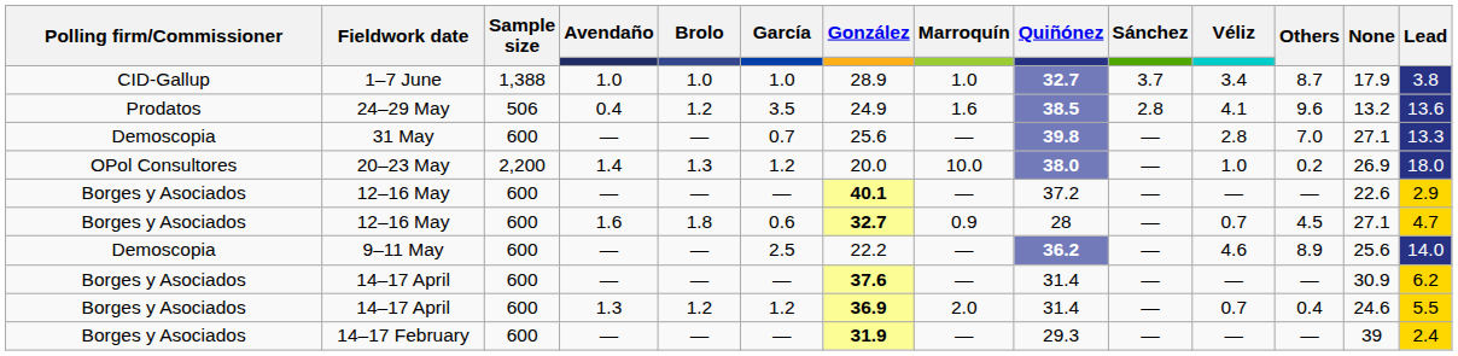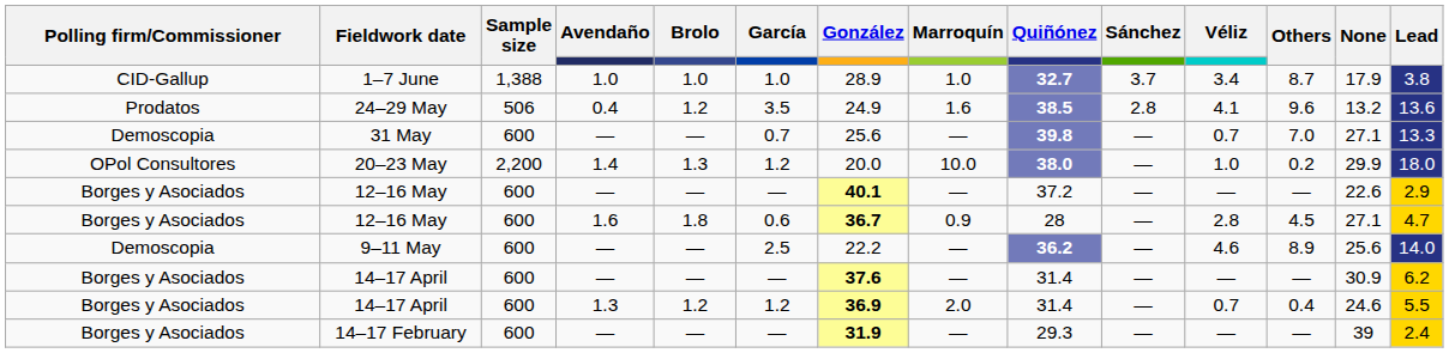 <table class="wikitable collapsible collapsed" style="text-align:center; font-size:95%; line-height:16px;">
 <tr style="height:42px;">
 <th style="width:250px;" rowspan="2">Polling firm/Commissioner</th>
 <th style="width:125px;" rowspan="2">Fieldwork date</th>
 <th style="width:50px;" rowspan="2">Sample size</th>
 <th class="unsortable" style="width:60px;">Avendaño<br></th>
 <th class="unsortable" style="width:60px;">Brolo<br></th>
 <th class="unsortable" style="width:60px;">García<br></th>
 <th class="unsortable" style="width:60px;"><a href='#'>González</a><br></th>
 <th class="unsortable" style="width:60px;">Marroquín<br></th>
 <th class="unsortable" style="width:60px;"><a href='#'>Quiñónez</a><br></th>
 <th class="unsortable" style="width:60px;">Sánchez<br></th>
 <th class="unsortable" style="width:60px;">Véliz<br></th>
 <th style="width:25px;" rowspan="2">Others</th>
 <th style="width:25px;" rowspan="2">None</th>
 <th style="width:30px;" rowspan="2">Lead</th>
 </tr>
 <tr>
 <th style="color:inherit;background:#212C64;"></th>
 <th style="color:inherit;background:#34478E;"></th>
 <th style="color:inherit;background:#013EA8;"></th>
 <th style="color:inherit;background:#FDAF17;"></th>
 <th style="color:inherit;background:#9ACD32;"></th>
 <th style="color:inherit;background:#273284;"></th>
 <th style="color:inherit;background:#50A700;"></th>
 <th style="color:inherit;background:#00CCC9;"></th>
 </tr>
 <tr>
 <td>CID-Gallup</td>
 <td>1–7 June</td>
 <td>1,388</td>
 <td>1.0</td>
 <td>1.0</td>
 <td>1.0</td>
 <td>28.9</td>
 <td>1.0</td>
 <td style="background:#727aba;color:white;"><strong>32.7</strong></td>
 <td>3.7</td>
 <td>3.4</td>
 <td>8.7</td>
 <td>17.9</td>
 <td style="background:#273284;color:white;">3.8</td>
 </tr>
 <tr>
 <td>Prodatos</td>
 <td>24–29 May</td>
 <td>506</td>
 <td>0.4</td>
 <td>1.2</td>
 <td>3.5</td>
 <td>24.9</td>
 <td>1.6</td>
 <td style="background:#727aba;color:white;"><strong>38.5</strong></td>
 <td>2.8</td>
 <td>4.1</td>
 <td>9.6</td>
 <td>13.2</td>
 <td style="background:#273284;color:white;">13.6</td>
 </tr>
 <tr>
 <td>Demoscopia</td>
 <td>31 May</td>
 <td>600</td>
 <td>—</td>
 <td>—</td>
 <td>0.7</td>
 <td>25.6</td>
 <td>—</td>
 <td style="background:#727aba;color:white;"><strong>39.8</strong></td>
 <td>—</td>
-<td>2.8</td>
+<td>0.7</td>
 <td>7.0</td>
 <td>27.1</td>
 <td style="background:#273284;color:white;">13.3</td>
 </tr>
 <tr>
 <td>OPol Consultores</td>
 <td>20–23 May</td>
 <td>2,200</td>
 <td>1.4</td>
 <td>1.3</td>
 <td>1.2</td>
 <td>20.0</td>
 <td>10.0</td>
 <td style="background:#727aba;color:white;"><strong>38.0</strong></td>
 <td>—</td>
 <td>1.0</td>
 <td>0.2</td>
-<td>26.9</td>
+<td>29.9</td>
 <td style="background:#273284;color:white;">18.0</td>
 </tr>
 <tr>
 <td>Borges y Asociados</td>
 <td>12–16 May</td>
 <td>600</td>
 <td>—</td>
 <td>—</td>
 <td>—</td>
 <td style="background:#FDFD96;"><strong>40.1</strong></td>
 <td>—</td>
 <td>37.2</td>
 <td>—</td>
 <td>—</td>
 <td>—</td>
 <td>22.6</td>
 <td style="background:gold;">2.9</td>
 </tr>
 <tr>
 <td>Borges y Asociados</td>
 <td>12–16 May</td>
 <td>600</td>
 <td>1.6</td>
 <td>1.8</td>
 <td>0.6</td>
-<td style="background:#FDFD96;"><strong>32.7</strong></td>
+<td style="background:#FDFD96;"><strong>36.7</strong></td>
 <td>0.9</td>
 <td>28</td>
 <td>—</td>
-<td>0.7</td>
+<td>2.8</td>
 <td>4.5</td>
 <td>27.1</td>
 <td style="background:gold;">4.7</td>
 </tr>
 <tr>
 <td>Demoscopia</td>
 <td>9–11 May</td>
 <td>600</td>
 <td>—</td>
 <td>—</td>
 <td>2.5</td>
 <td>22.2</td>
 <td>—</td>
 <td style="background:#727aba;color:white;"><strong>36.2</strong></td>
 <td>—</td>
 <td>4.6</td>
 <td>8.9</td>
 <td>25.6</td>
 <td style="background:#273284;color:white;">14.0</td>
 </tr>
 <tr>
 <td>Borges y Asociados</td>
 <td>14–17 April</td>
 <td>600</td>
 <td>—</td>
 <td>—</td>
 <td>—</td>
 <td style="background:#FDFD96;"><strong>37.6</strong></td>
 <td>—</td>
 <td>31.4</td>
 <td>—</td>
 <td>—</td>
 <td>—</td>
 <td>30.9</td>
 <td style="background:gold;">6.2</td>
 </tr>
 <tr>
 <td>Borges y Asociados</td>
 <td>14–17 April</td>
 <td>600</td>
 <td>1.3</td>
 <td>1.2</td>
 <td>1.2</td>
 <td style="background:#FDFD96;"><strong>36.9</strong></td>
 <td>2.0</td>
 <td>31.4</td>
 <td>—</td>
 <td>0.7</td>
 <td>0.4</td>
 <td>24.6</td>
 <td style="background:gold;">5.5</td>
 </tr>
 <tr>
 <td>Borges y Asociados</td>
 <td>14–17 February</td>
 <td>600</td>
 <td>—</td>
 <td>—</td>
 <td>—</td>
 <td style="background:#FDFD96;"><strong>31.9</strong></td>
 <td>—</td>
 <td>29.3</td>
 <td>—</td>
 <td>—</td>
 <td>—</td>
 <td>39</td>
 <td style="background:gold;">2.4</td>
 </tr>
 </table>
